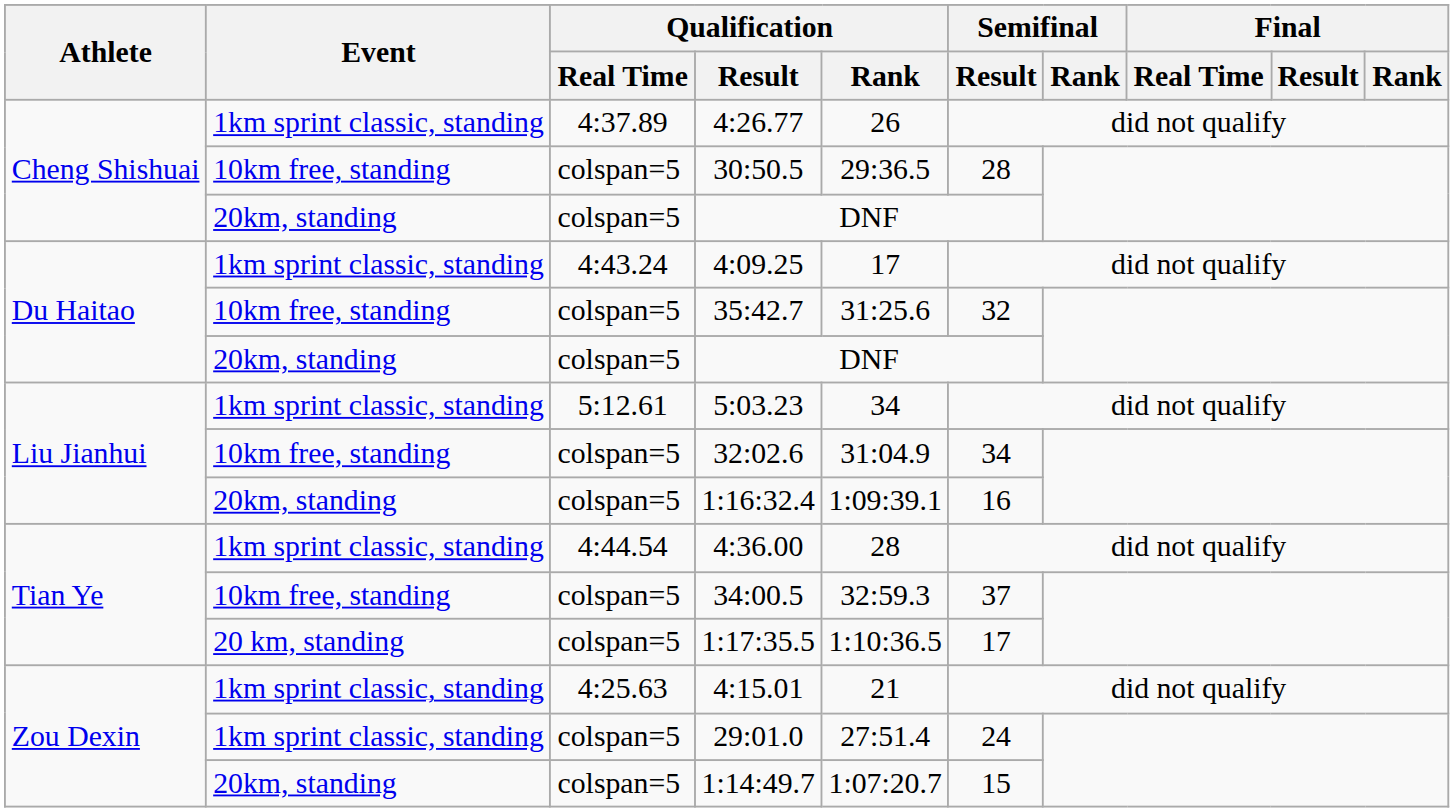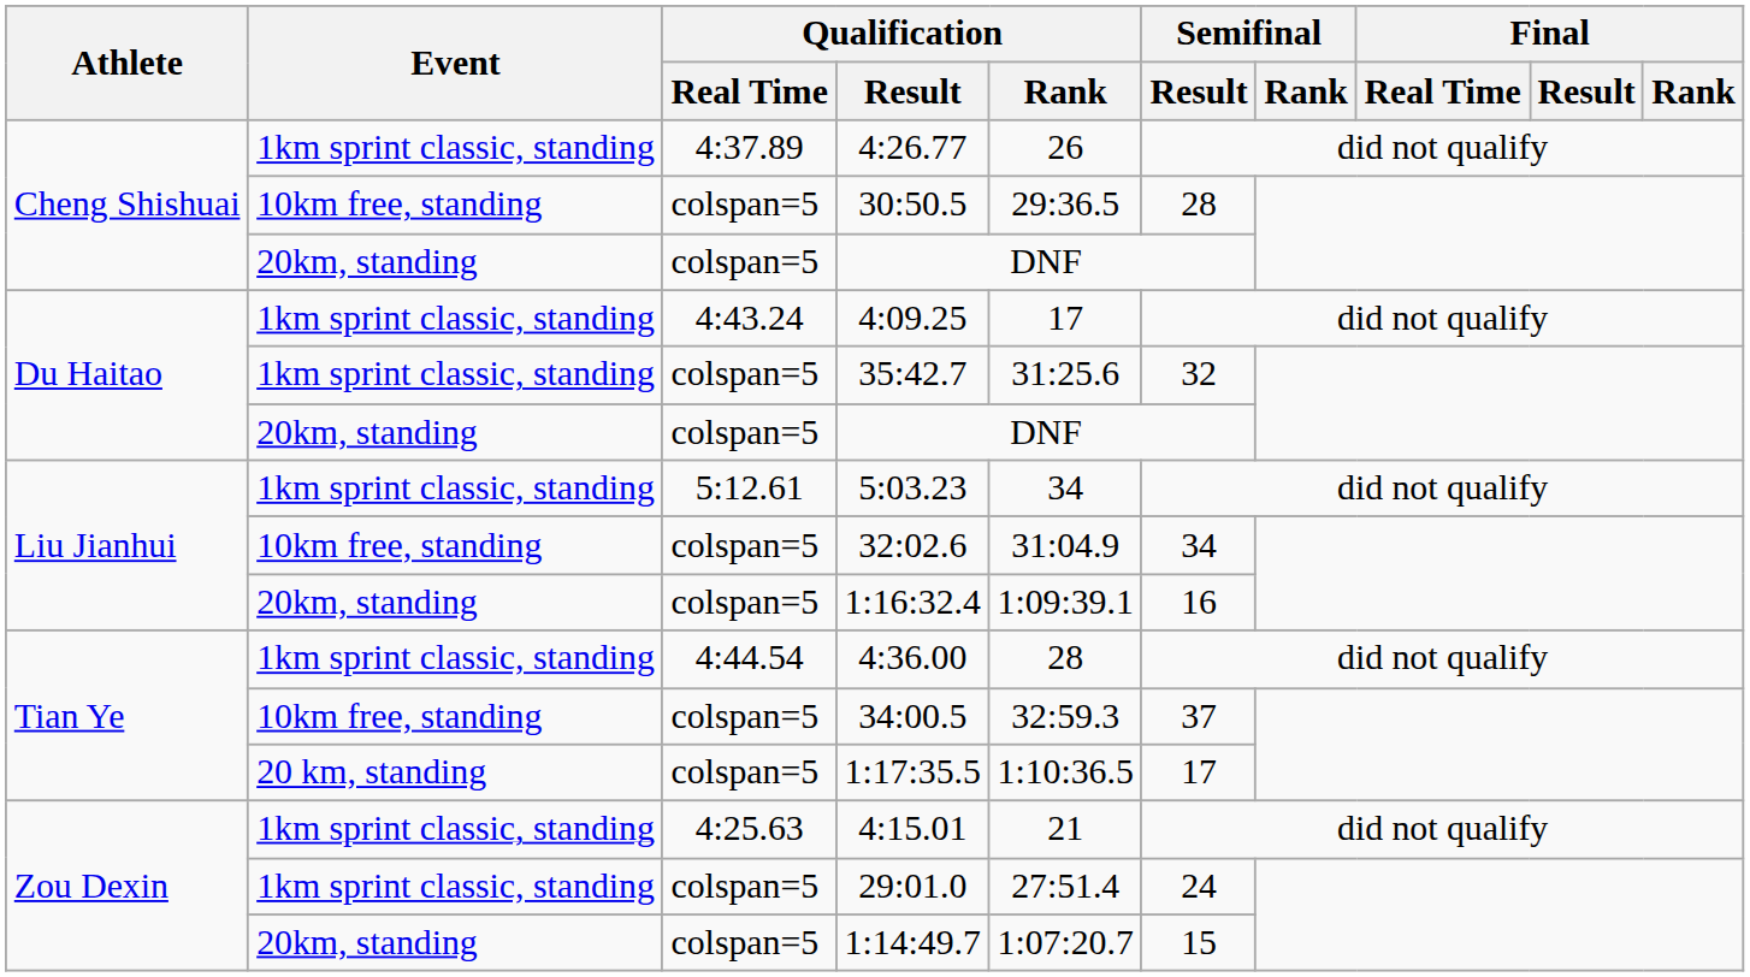 <table class="wikitable" style="font-size:100%">
 <tr>
 <th rowspan="2">Athlete</th>
 <th rowspan="2">Event</th>
 <th colspan="3">Qualification</th>
 <th colspan="2">Semifinal</th>
 <th colspan="3">Final</th>
 </tr>
 <tr>
 <th>Real Time</th>
 <th>Result</th>
 <th>Rank</th>
 <th>Result</th>
 <th>Rank</th>
 <th>Real Time</th>
 <th>Result</th>
 <th>Rank</th>
 </tr>
 <tr>
 <td rowspan=3><a href='#'>Cheng Shishuai</a></td>
 <td><a href='#'>1km sprint classic, standing</a></td>
 <td align="center">4:37.89</td>
 <td align="center">4:26.77</td>
 <td align="center">26</td>
 <td colspan=5 align="center">did not qualify</td>
 </tr>
 <tr>
 <td><a href='#'>10km free, standing</a></td>
 <td>colspan=5 </td>
 <td align="center">30:50.5</td>
 <td align="center">29:36.5</td>
 <td align="center">28</td>
 </tr>
 <tr>
 <td><a href='#'>20km, standing</a></td>
 <td>colspan=5 </td>
 <td align="center" colspan=3>DNF</td>
 </tr>
 <tr>
 <td rowspan=3><a href='#'>Du Haitao</a></td>
 <td><a href='#'>1km sprint classic, standing</a></td>
 <td align="center">4:43.24</td>
 <td align="center">4:09.25</td>
 <td align="center">17</td>
 <td colspan=5 align="center">did not qualify</td>
 </tr>
 <tr>
-<td><a href='#'>10km free, standing</a></td>
+<td><a href='#'>1km sprint classic, standing</a></td>
 <td>colspan=5 </td>
 <td align="center">35:42.7</td>
 <td align="center">31:25.6</td>
 <td align="center">32</td>
 </tr>
 <tr>
 <td><a href='#'>20km, standing</a></td>
 <td>colspan=5 </td>
 <td align="center" colspan=3>DNF</td>
 </tr>
 <tr>
 <td rowspan=3><a href='#'>Liu Jianhui</a></td>
 <td><a href='#'>1km sprint classic, standing</a></td>
 <td align="center">5:12.61</td>
 <td align="center">5:03.23</td>
 <td align="center">34</td>
 <td colspan=5 align="center">did not qualify</td>
 </tr>
 <tr>
 <td><a href='#'>10km free, standing</a></td>
 <td>colspan=5 </td>
 <td align="center">32:02.6</td>
 <td align="center">31:04.9</td>
 <td align="center">34</td>
 </tr>
 <tr>
 <td><a href='#'>20km, standing</a></td>
 <td>colspan=5 </td>
 <td align="center">1:16:32.4</td>
 <td align="center">1:09:39.1</td>
 <td align="center">16</td>
 </tr>
 <tr>
 <td rowspan=3><a href='#'>Tian Ye</a></td>
 <td><a href='#'>1km sprint classic, standing</a></td>
 <td align="center">4:44.54</td>
 <td align="center">4:36.00</td>
 <td align="center">28</td>
 <td colspan=5 align="center">did not qualify</td>
 </tr>
 <tr>
 <td><a href='#'>10km free, standing</a></td>
 <td>colspan=5 </td>
 <td align="center">34:00.5</td>
 <td align="center">32:59.3</td>
 <td align="center">37</td>
 </tr>
 <tr>
 <td><a href='#'>20 km, standing</a></td>
 <td>colspan=5 </td>
 <td align="center">1:17:35.5</td>
 <td align="center">1:10:36.5</td>
 <td align="center">17</td>
 </tr>
 <tr>
 <td rowspan=3><a href='#'>Zou Dexin</a></td>
 <td><a href='#'>1km sprint classic, standing</a></td>
 <td align="center">4:25.63</td>
 <td align="center">4:15.01</td>
 <td align="center">21</td>
 <td colspan=5 align="center">did not qualify</td>
 </tr>
 <tr>
 <td><a href='#'>1km sprint classic, standing</a></td>
 <td>colspan=5 </td>
 <td align="center">29:01.0</td>
 <td align="center">27:51.4</td>
 <td align="center">24</td>
 </tr>
 <tr>
 <td><a href='#'>20km, standing</a></td>
 <td>colspan=5 </td>
 <td align="center">1:14:49.7</td>
 <td align="center">1:07:20.7</td>
 <td align="center">15</td>
 </tr>
 </table>
